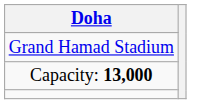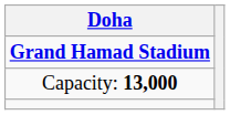 <table class="wikitable" style="text-align:center">
 <tr>
 <th><a href='#'>Doha</a></th>
 <th rowspan="4"></th>
 </tr>
 <tr>
-<td><a href='#'>Grand Hamad Stadium</a></td>
+<td><strong><a href='#'>Grand Hamad Stadium</a></strong></td>
 </tr>
 <tr>
 <td>Capacity: <strong>13,000</strong></td>
 </tr>
 <tr>
 <td></td>
 </tr>
 </table>
